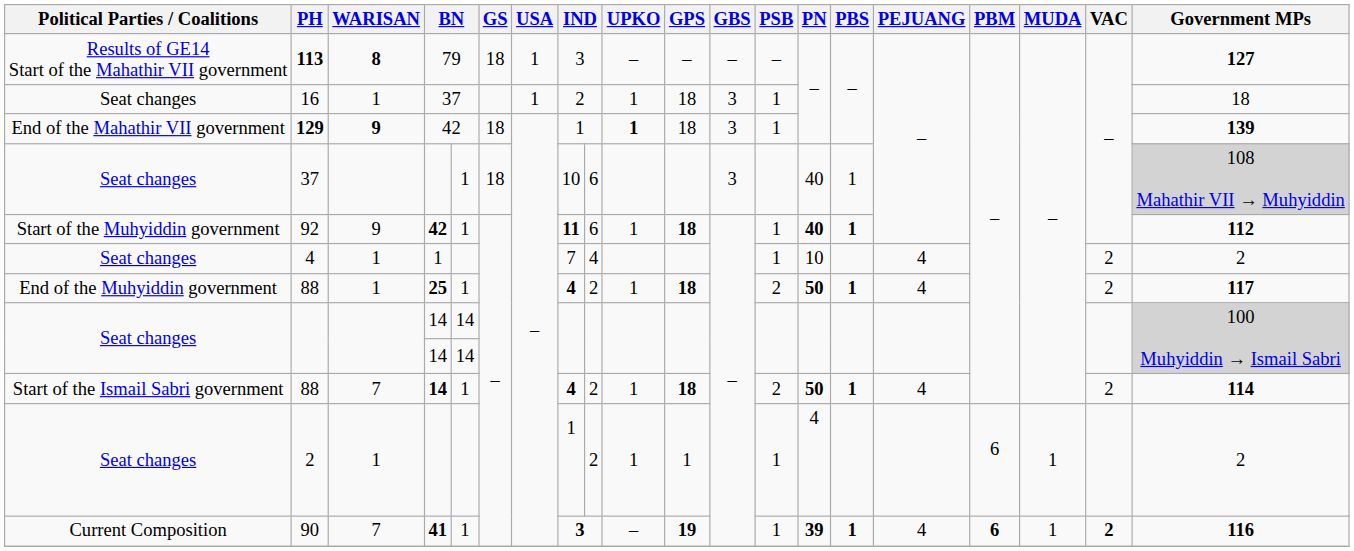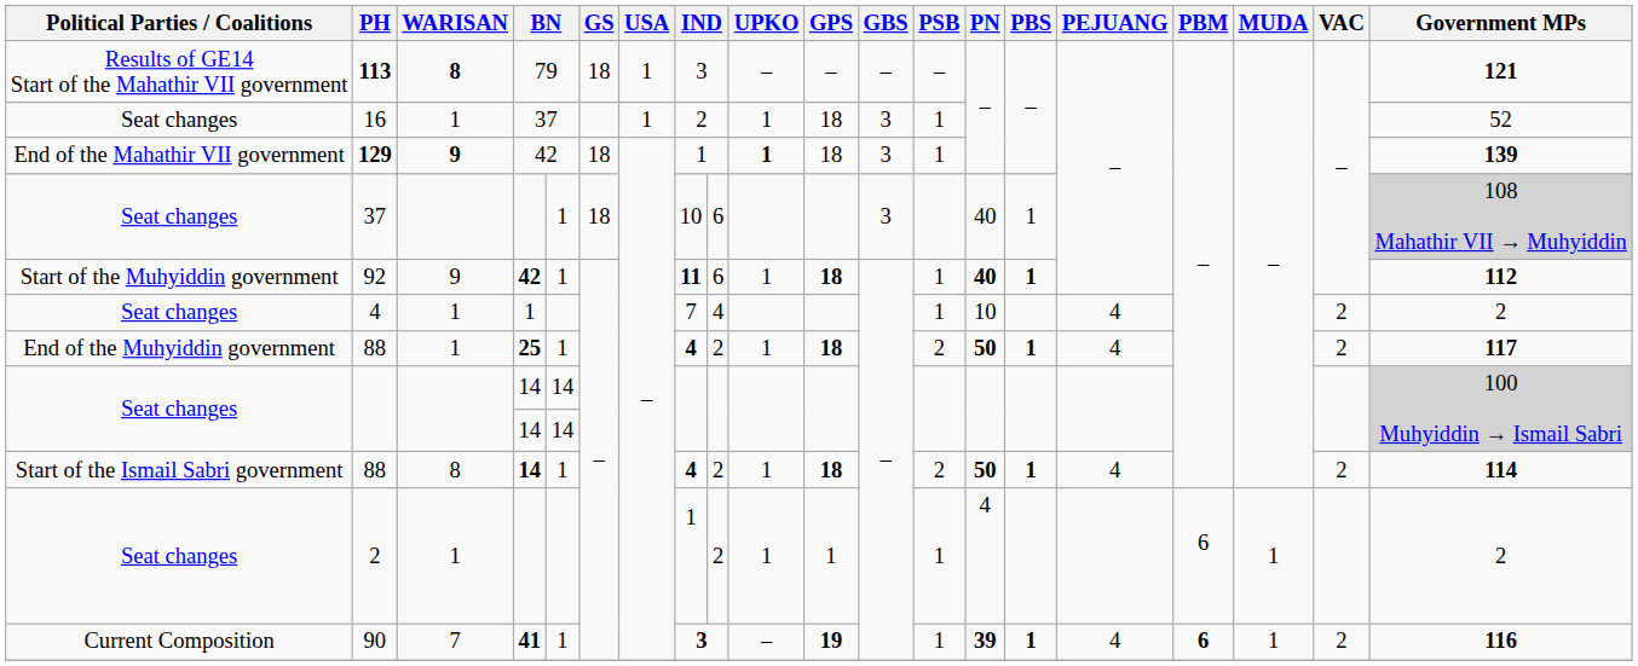 <table class="wikitable" style="text-align:center">
 <tr>
 <th>Political Parties / Coalitions</th>
 <th><a href='#'>PH</a></th>
 <th><a href='#'>WARISAN</a></th>
 <th colspan="2"><a href='#'>BN</a></th>
 <th><a href='#'>GS</a></th>
 <th><a href='#'>USA</a></th>
 <th colspan="2"><a href='#'>IND</a></th>
 <th><a href='#'>UPKO</a></th>
 <th><a href='#'>GPS</a></th>
 <th><a href='#'>GBS</a></th>
 <th><a href='#'>PSB</a></th>
 <th><a href='#'>PN</a></th>
 <th><a href='#'>PBS</a></th>
 <th><a href='#'>PEJUANG</a></th>
 <th><a href='#'>PBM</a></th>
 <th><a href='#'>MUDA</a></th>
 <th>VAC</th>
 <th>Government MPs <br></th>
 </tr>
 <tr>
 <td><a href='#'>Results of GE14</a> <br> Start of the <a href='#'>Mahathir VII</a> government</td>
 <td><strong>113</strong></td>
 <td><strong>8</strong></td>
 <td colspan="2">79</td>
 <td>18</td>
 <td>1</td>
 <td colspan="2">3 <br></td>
 <td>–</td>
 <td>–</td>
 <td>–</td>
 <td>–</td>
 <td rowspan="3">–</td>
 <td rowspan="3">–</td>
 <td rowspan="5">–</td>
 <td rowspan="10">–</td>
 <td rowspan="10">–</td>
 <td rowspan="5">–</td>
-<td><strong>127</strong> <br></td>
+<td><strong>121</strong> <br></td>
 </tr>
 <tr>
 <td>Seat changes <br> </td>
 <td> 16 <br></td>
 <td> 1 <br></td>
 <td colspan="2"> 37 <br></td>
 <td></td>
 <td> 1 <br></td>
 <td colspan="2"> 2 <br></td>
 <td> 1 <br></td>
 <td> 18 <br></td>
 <td> 3 <br></td>
 <td> 1 <br></td>
-<td> 18</td>
+<td> 52</td>
 </tr>
 <tr>
 <td>End of the <a href='#'>Mahathir VII</a> government</td>
 <td><strong>129</strong></td>
 <td><strong>9</strong></td>
 <td colspan="2">42</td>
 <td>18</td>
 <td rowspan="10">–</td>
 <td colspan="2">1 <br></td>
 <td><strong>1</strong></td>
 <td>18</td>
 <td>3</td>
 <td>1</td>
 <td><strong>139</strong> <br></td>
 </tr>
 <tr>
 <td><a href='#'>Seat changes</a> <br> </td>
 <td> 37 <br></td>
 <td></td>
 <td> <br></td>
 <td> 1 <br></td>
 <td> 18 <br></td>
 <td> 10 <br></td>
 <td> 6 <br></td>
 <td></td>
 <td></td>
 <td> 3 <br></td>
 <td></td>
 <td> 40 <br></td>
 <td> 1 <br></td>
 <td bgcolor="lightgrey">108 <br> <br> <a href='#'>Mahathir VII</a> → <a href='#'>Muhyiddin</a></td>
 </tr>
 <tr>
 <td>Start of the <a href='#'>Muhyiddin</a> government</td>
 <td>92</td>
 <td>9</td>
 <td><strong>42</strong> <br></td>
 <td>1</td>
 <td rowspan="8">–</td>
 <td><strong>11</strong> <br></td>
 <td>6 <br></td>
 <td>1</td>
 <td><strong>18</strong></td>
 <td rowspan="8">–</td>
 <td>1</td>
 <td><strong>40</strong></td>
 <td><strong>1</strong></td>
 <td><strong>112</strong> <br></td>
 </tr>
 <tr>
 <td><a href='#'>Seat changes</a> <br> </td>
 <td> 4 <br></td>
 <td> 1 <br></td>
 <td> 1 <br></td>
 <td></td>
 <td> 7 <br></td>
 <td> 4 <br></td>
 <td></td>
 <td></td>
 <td> 1 <br></td>
 <td> 10 <br></td>
 <td></td>
 <td> 4 <br></td>
 <td> 2 <br></td>
 <td> 2</td>
 </tr>
 <tr>
 <td>End of the <a href='#'>Muhyiddin</a> government</td>
 <td>88</td>
 <td>1</td>
 <td><strong>25</strong></td>
 <td>1</td>
 <td><strong>4</strong> <br></td>
 <td>2 <br></td>
 <td>1</td>
 <td><strong>18</strong></td>
 <td>2</td>
 <td><strong>50</strong></td>
 <td><strong>1</strong></td>
 <td>4</td>
 <td>2</td>
 <td><strong>117</strong> <br></td>
 </tr>
 <tr>
 <td rowspan="2"><a href='#'>Seat changes</a> <br> </td>
 <td rowspan="2"></td>
 <td rowspan="2"></td>
 <td> 14 <br></td>
 <td> 14 <br></td>
 <td rowspan="2"></td>
 <td rowspan="2"></td>
 <td rowspan="2"></td>
 <td rowspan="2"></td>
 <td rowspan="2"></td>
 <td rowspan="2"></td>
 <td rowspan="2"></td>
 <td rowspan="2"></td>
 <td rowspan="2"></td>
 <td rowspan="2", bgcolor="lightgrey">100 <br> <br> <a href='#'>Muhyiddin</a> → <a href='#'>Ismail Sabri</a></td>
 </tr>
 <tr>
 <td> 14 <br></td>
 <td> 14 <br></td>
 </tr>
 <tr>
 <td>Start of the <a href='#'>Ismail Sabri</a> government</td>
 <td>88</td>
-<td>7</td>
+<td>8</td>
 <td><strong>14</strong></td>
 <td>1</td>
 <td><strong>4</strong> <br></td>
 <td>2 <br></td>
 <td>1</td>
 <td><strong>18</strong></td>
 <td>2</td>
 <td><strong>50</strong></td>
 <td><strong>1</strong></td>
 <td>4</td>
 <td>2</td>
 <td><strong>114</strong> <br></td>
 </tr>
 <tr>
 <td><a href='#'>Seat changes</a> <br> </td>
 <td> 2 <br></td>
 <td> 1 <br></td>
 <td></td>
 <td></td>
 <td> 1 <br> <br> <br> <br></td>
 <td> 2 <br></td>
 <td> 1 <br></td>
 <td> 1 <br></td>
 <td> 1 <br></td>
 <td> 4 <br> <br> <br> <br> <br></td>
 <td></td>
 <td></td>
 <td> 6 <br> <br></td>
 <td> 1 <br></td>
 <td></td>
 <td> 2</td>
 </tr>
 <tr>
 <td>Current Composition</td>
 <td>90</td>
 <td>7</td>
 <td><strong>41</strong></td>
 <td>1</td>
 <td colspan="2"><strong>3</strong> <br></td>
 <td>–</td>
 <td><strong>19</strong></td>
 <td>1</td>
 <td><strong>39</strong></td>
 <td><strong>1</strong></td>
 <td>4</td>
 <td><strong>6</strong></td>
 <td>1</td>
-<td><strong>2</strong></td>
+<td>2</td>
 <td><strong>116</strong> <br></td>
 </tr>
 <tr>
 </tr>
 </table>
